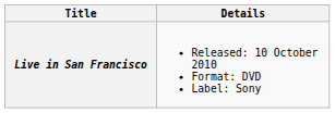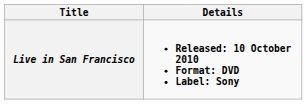 <table class="wikitable plainrowheaders">
 <tr>
 <th scope="col" style="width:14em;">Title</th>
 <th scope="col" style="width:16em;">Details</th>
 </tr>
 <tr>
 <th scope="row"><em>Live in San Francisco</em></th>
-<td><br><ul><li>Released: 10 October 2010</li><li>Format: DVD</li><li>Label: Sony</li></ul></td>
+<td><strong><br><ul><li>Released: 10 October 2010</li><li>Format: DVD</li><li>Label: Sony</li></ul></strong></td>
 </tr>
 </table>
